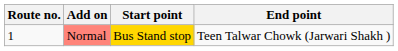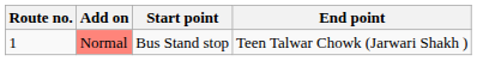 <table class="wikitable">
 <tr>
 <th>Route no.</th>
 <th>Add on</th>
 <th>Start point</th>
 <th>End point</th>
 </tr>
 <tr>
 <td rowspan="2">1</td>
 <td style="background:#ff847a">Normal</td>
-<td style="background: gold;">Bus Stand stop</td>
+<td>Bus Stand stop</td>
 <td>Teen Talwar Chowk (Jarwari Shakh )</td>
 </tr>
 </table>
